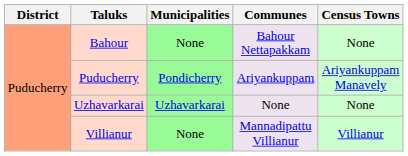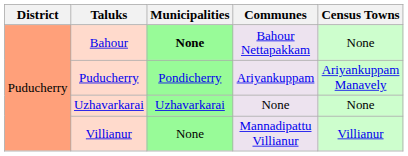 <table class="wikitable">
 <tr>
 <th>District</th>
 <th style="width:19%;">Taluks</th>
 <th>Municipalities</th>
 <th>Communes</th>
 <th>Census Towns</th>
 </tr>
 <tr>
 <td rowspan="8" style="text-align:center; background:#ffa07a; textcolor:#000;">Puducherry</td>
 <td style="text-align:center; background:#ffdacc; textcolor:#000;"><a href='#'>Bahour</a></td>
-<td style="text-align:center; background:#98fb98; textcolor:#000;">None</td>
+<td style="text-align:center; background:#98fb98; textcolor:#000;"><strong>None</strong></td>
 <td style="text-align:center; background:#ede3ef; textcolor:#000;"><a href='#'>Bahour</a><br><a href='#'>Nettapakkam</a></td>
 <td style="text-align:center; background:#cdfecd; textcolor:#000;">None</td>
 </tr>
 <tr>
 <td style="text-align:center; background:#ffdacc; textcolor:#000;"><a href='#'>Puducherry</a></td>
 <td style="text-align:center; background:#98fb98; textcolor:#000;"><a href='#'>Pondicherry</a></td>
 <td style="text-align:center; background:#ede3ef; textcolor:#000;"><a href='#'>Ariyankuppam</a></td>
 <td style="text-align:center; background:#cdfecd; textcolor:#000;"><a href='#'>Ariyankuppam</a><br><a href='#'>Manavely</a></td>
 </tr>
 <tr>
 <td style="text-align:center; background:#ffdacc; textcolor:#000;"><a href='#'>Uzhavarkarai</a></td>
 <td style="text-align:center; background:#98fb98; textcolor:#000;"><a href='#'>Uzhavarkarai</a></td>
 <td style="text-align:center; background:#ede3ef; textcolor:#000;">None</td>
 <td style="text-align:center; background:#cdfecd; textcolor:#000;">None</td>
 </tr>
 <tr>
 <td style="text-align:center; background:#ffdacc; textcolor:#000;"><a href='#'>Villianur</a></td>
 <td style="text-align:center; background:#98fb98; textcolor:#000;">None</td>
 <td style="text-align:center; background:#ede3ef; textcolor:#000;"><a href='#'>Mannadipattu</a><br><a href='#'>Villianur</a></td>
 <td style="text-align:center; background:#cdfecd; textcolor:#000;"><a href='#'>Villianur</a></td>
 </tr>
 </table>
